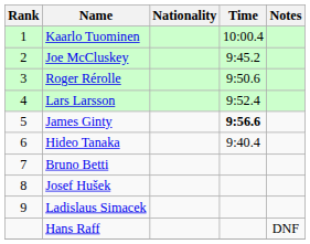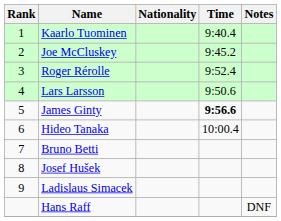 <table class="wikitable sortable" style="text-align:center">
 <tr>
 <th>Rank</th>
 <th>Name</th>
 <th>Nationality</th>
 <th>Time</th>
 <th>Notes</th>
 </tr>
 <tr bgcolor=ccffcc>
 <td>1</td>
 <td align=left><a href='#'>Kaarlo Tuominen</a></td>
 <td align=left></td>
-<td>10:00.4</td>
+<td>9:40.4</td>
 <td></td>
 </tr>
 <tr bgcolor=ccffcc>
 <td>2</td>
 <td align=left><a href='#'>Joe McCluskey</a></td>
 <td align=left></td>
 <td>9:45.2</td>
 <td></td>
 </tr>
 <tr bgcolor=ccffcc>
 <td>3</td>
 <td align=left><a href='#'>Roger Rérolle</a></td>
 <td align=left></td>
-<td>9:50.6</td>
+<td>9:52.4</td>
 <td></td>
 </tr>
 <tr bgcolor=ccffcc>
 <td>4</td>
 <td align=left><a href='#'>Lars Larsson</a></td>
 <td align=left></td>
-<td>9:52.4</td>
+<td>9:50.6</td>
 <td></td>
 </tr>
 <tr>
 <td>5</td>
 <td align=left><a href='#'>James Ginty</a></td>
 <td align=left></td>
 <td><strong>9:56.6</strong></td>
 <td></td>
 </tr>
 <tr>
 <td>6</td>
 <td align=left><a href='#'>Hideo Tanaka</a></td>
 <td align=left></td>
-<td>9:40.4</td>
+<td>10:00.4</td>
 <td></td>
 </tr>
 <tr>
 <td>7</td>
 <td align=left><a href='#'>Bruno Betti</a></td>
 <td align=left></td>
 <td></td>
 <td></td>
 </tr>
 <tr>
 <td>8</td>
 <td align=left><a href='#'>Josef Hušek</a></td>
 <td align=left></td>
 <td></td>
 <td></td>
 </tr>
 <tr>
 <td>9</td>
 <td align=left><a href='#'>Ladislaus Simacek</a></td>
 <td align=left></td>
 <td></td>
 <td></td>
 </tr>
 <tr>
 <td></td>
 <td align=left><a href='#'>Hans Raff</a></td>
 <td align=left></td>
 <td></td>
 <td>DNF</td>
 </tr>
 <tr>
 </tr>
 </table>
